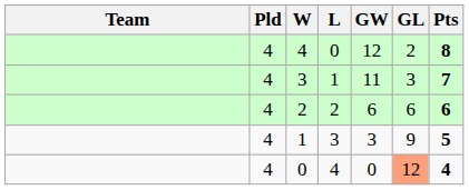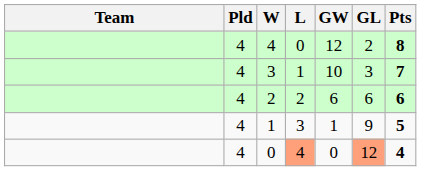 <table class="wikitable" style="text-align:center">
 <tr>
 <th width=200>Team</th>
 <th width=20>Pld</th>
 <th width=20>W</th>
 <th width=20>L</th>
 <th width=20>GW</th>
 <th width=20>GL</th>
 <th width=20>Pts</th>
 </tr>
 <tr bgcolor=ccffcc>
 <td style="text-align:left;"></td>
 <td>4</td>
 <td>4</td>
 <td>0</td>
 <td>12</td>
 <td>2</td>
 <td><strong>8</strong></td>
 </tr>
 <tr bgcolor=ccffcc>
 <td style="text-align:left;"></td>
 <td>4</td>
 <td>3</td>
 <td>1</td>
-<td>11</td>
+<td>10</td>
 <td>3</td>
 <td><strong>7</strong></td>
 </tr>
 <tr bgcolor=ccffcc>
 <td style="text-align:left;"></td>
 <td>4</td>
 <td>2</td>
 <td>2</td>
 <td>6</td>
 <td>6</td>
 <td><strong>6</strong></td>
 </tr>
 <tr>
 <td style="text-align:left;"></td>
 <td>4</td>
 <td>1</td>
 <td>3</td>
-<td>3</td>
+<td>1</td>
 <td>9</td>
 <td><strong>5</strong></td>
 </tr>
 <tr>
 <td style="text-align:left;"></td>
 <td>4</td>
 <td>0</td>
-<td>4</td>
+<td style="background: lightsalmon;">4</td>
 <td>0</td>
 <td style="background: lightsalmon;">12</td>
 <td><strong>4</strong></td>
 </tr>
 </table>
